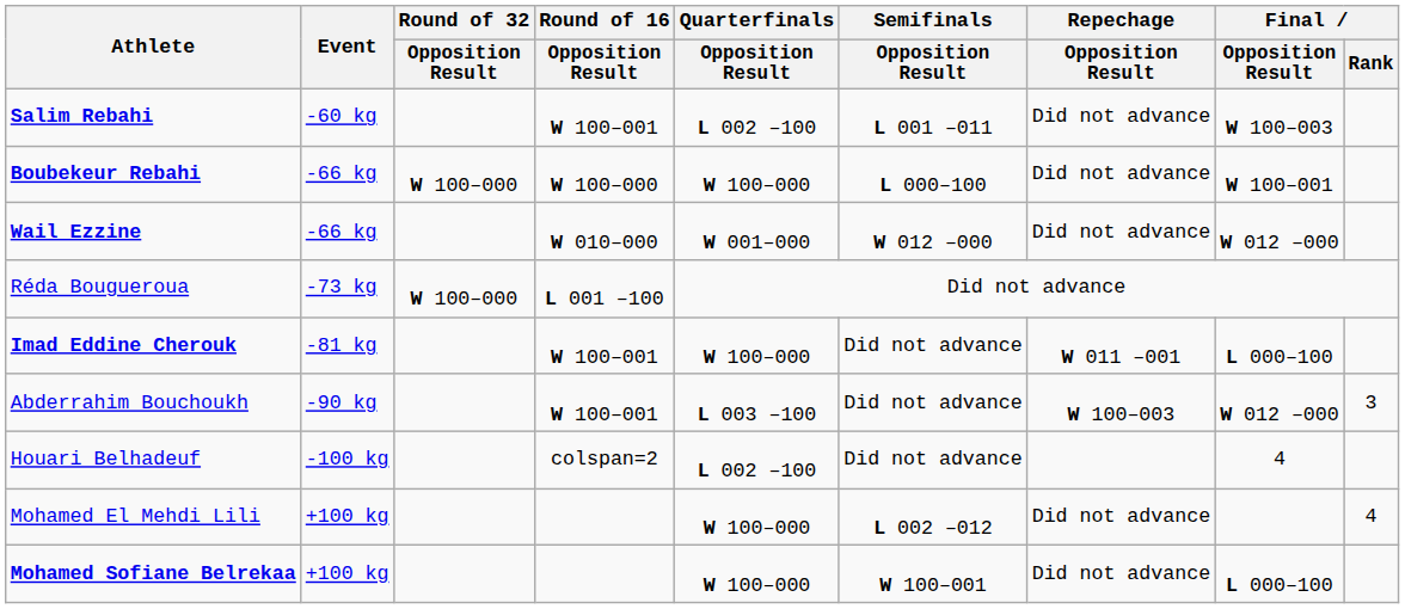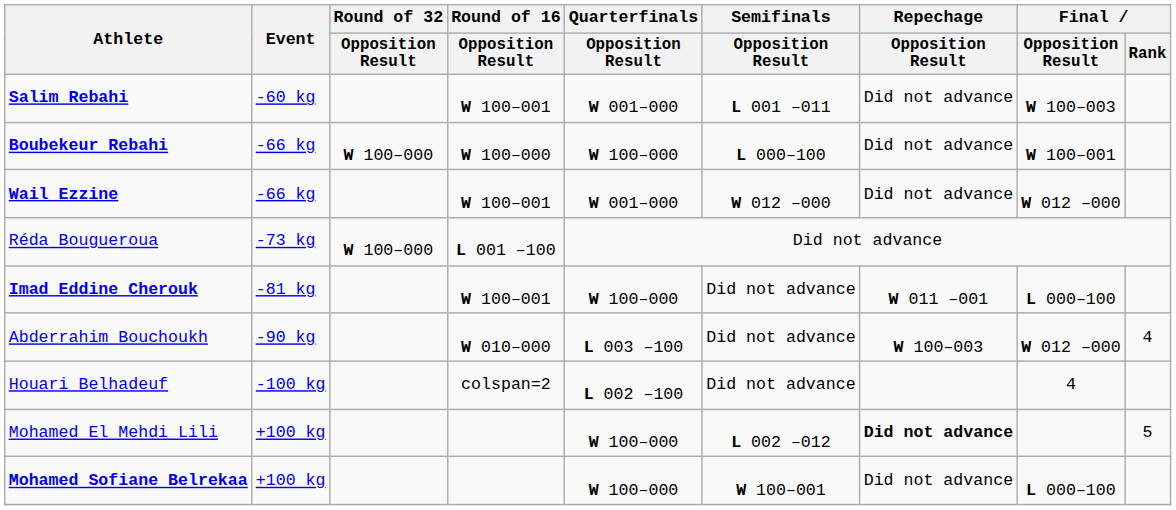 <table class="wikitable" style="font-size:90%">
 <tr>
 <th rowspan="2">Athlete</th>
 <th rowspan="2">Event</th>
 <th>Round of 32</th>
 <th>Round of 16</th>
 <th>Quarterfinals</th>
 <th>Semifinals</th>
 <th>Repechage</th>
 <th colspan=2>Final / </th>
 </tr>
 <tr style="font-size:95%">
 <th>Opposition<br>Result</th>
 <th>Opposition<br>Result</th>
 <th>Opposition<br>Result</th>
 <th>Opposition<br>Result</th>
 <th>Opposition<br>Result</th>
 <th>Opposition<br>Result</th>
 <th>Rank</th>
 </tr>
 <tr align=center>
 <td align=left><strong><a href='#'>Salim Rebahi</a></strong></td>
 <td align=left><a href='#'>-60 kg</a></td>
 <td></td>
 <td><br><strong>W</strong> 100–001 </td>
-<td><br><strong>L</strong> 002 –100</td>
+<td><br><strong>W</strong> 001–000</td>
 <td><br><strong>L</strong> 001 –011 </td>
 <td>Did not advance</td>
 <td><br><strong>W</strong> 100–003 </td>
 <td></td>
 </tr>
 <tr align=center>
 <td align=left><strong><a href='#'>Boubekeur Rebahi</a></strong></td>
 <td align=left><a href='#'>-66 kg</a></td>
 <td><br><strong>W</strong> 100–000</td>
 <td><br><strong>W</strong> 100–000</td>
 <td><br><strong>W</strong> 100–000</td>
 <td><br><strong>L</strong> 000–100</td>
 <td>Did not advance</td>
 <td><br><strong>W</strong> 100–001 </td>
 <td></td>
 </tr>
 <tr align=center>
 <td align=left><strong><a href='#'>Wail Ezzine</a></strong></td>
 <td align=left><a href='#'>-66 kg</a></td>
 <td></td>
-<td><br><strong>W</strong> 010–000</td>
+<td><br><strong>W</strong> 100–001 </td>
 <td><br><strong>W</strong> 001–000</td>
 <td><br><strong>W</strong> 012 –000</td>
 <td>Did not advance</td>
 <td><br><strong>W</strong> 012 –000</td>
 <td></td>
 </tr>
 <tr align=center>
 <td align=left><a href='#'>Réda Bougueroua</a></td>
 <td align=left><a href='#'>-73 kg</a></td>
 <td><br><strong>W</strong> 100–000</td>
 <td><br><strong>L</strong> 001 –100</td>
 <td colspan=5>Did not advance</td>
 </tr>
 <tr align=center>
 <td align=left><strong><a href='#'>Imad Eddine Cherouk</a></strong></td>
 <td align=left><a href='#'>-81 kg</a></td>
 <td></td>
 <td><br><strong>W</strong> 100–001 </td>
 <td><br><strong>W</strong> 100–000</td>
 <td>Did not advance</td>
 <td><br><strong>W</strong> 011 –001 </td>
 <td><br><strong>L</strong> 000–100</td>
 <td></td>
 </tr>
 <tr align=center>
 <td align=left><a href='#'>Abderrahim Bouchoukh</a></td>
 <td align=left><a href='#'>-90 kg</a></td>
 <td></td>
-<td><br><strong>W</strong> 100–001 </td>
+<td><br><strong>W</strong> 010–000</td>
 <td><br><strong>L</strong> 003 –100</td>
 <td>Did not advance</td>
 <td><br><strong>W</strong> 100–003 </td>
 <td><br><strong>W</strong> 012 –000</td>
-<td>3</td>
+<td>4</td>
 </tr>
 <tr align=center>
 <td align=left><a href='#'>Houari Belhadeuf</a></td>
 <td align=left><a href='#'>-100 kg</a></td>
 <td></td>
 <td>colspan=2 </td>
 <td><br><strong>L</strong> 002 –100</td>
 <td>Did not advance</td>
 <td><br></td>
 <td>4</td>
 </tr>
 <tr align=center>
 <td align=left><a href='#'>Mohamed El Mehdi Lili</a></td>
 <td align=left><a href='#'>+100 kg</a></td>
 <td></td>
 <td></td>
 <td><br><strong>W</strong> 100–000</td>
 <td><br><strong>L</strong> 002 –012 </td>
-<td>Did not advance</td>
+<td><strong>Did not advance</strong></td>
 <td><br></td>
-<td>4</td>
+<td>5</td>
 </tr>
 <tr align=center>
 <td align=left><strong><a href='#'>Mohamed Sofiane Belrekaa</a></strong></td>
 <td align=left><a href='#'>+100 kg</a></td>
 <td></td>
 <td></td>
 <td><br><strong>W</strong> 100–000</td>
 <td><br><strong>W</strong> 100–001 </td>
 <td>Did not advance</td>
 <td><br><strong>L</strong> 000–100</td>
 <td></td>
 </tr>
 </table>
